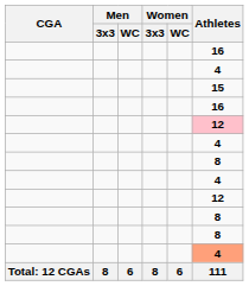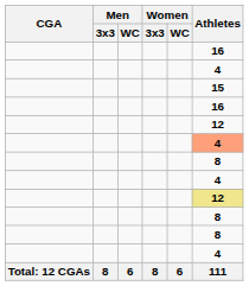 <table class="wikitable sortable" style="text-align:center; font-size:90%">
 <tr>
 <th rowspan="2" align="left">CGA</th>
 <th colspan="2">Men</th>
 <th colspan="2">Women</th>
 <th rowspan="2">Athletes</th>
 </tr>
 <tr>
 <th>3x3</th>
 <th>WC</th>
 <th>3x3</th>
 <th>WC</th>
 </tr>
 <tr>
 <td style="text-align:left;"></td>
 <td></td>
 <td></td>
 <td></td>
 <td></td>
 <td><strong>16</strong></td>
 </tr>
 <tr>
 <td style="text-align:left;"></td>
 <td></td>
 <td></td>
 <td></td>
 <td></td>
 <td><strong>4</strong></td>
 </tr>
 <tr>
 <td style="text-align:left;"></td>
 <td></td>
 <td></td>
 <td></td>
 <td></td>
 <td><strong>15</strong></td>
 </tr>
 <tr>
 <td style="text-align:left;"></td>
 <td></td>
 <td></td>
 <td></td>
 <td></td>
 <td><strong>16</strong></td>
 </tr>
 <tr>
 <td style="text-align:left;"></td>
 <td></td>
 <td></td>
 <td></td>
 <td></td>
-<td style="background: pink;"><strong>12</strong></td>
+<td><strong>12</strong></td>
 </tr>
 <tr>
 <td style="text-align:left;"></td>
 <td></td>
 <td></td>
 <td></td>
 <td></td>
-<td><strong>4</strong></td>
+<td style="background: lightsalmon;"><strong>4</strong></td>
 </tr>
 <tr>
 <td style="text-align:left;"></td>
 <td></td>
 <td></td>
 <td></td>
 <td></td>
 <td><strong>8</strong></td>
 </tr>
 <tr>
 <td style="text-align:left;"></td>
 <td></td>
 <td></td>
 <td></td>
 <td></td>
 <td><strong>4</strong></td>
 </tr>
 <tr>
 <td style="text-align:left;"></td>
 <td></td>
 <td></td>
 <td></td>
 <td></td>
-<td><strong>12</strong></td>
+<td style="background: khaki;"><strong>12</strong></td>
 </tr>
 <tr>
 <td style="text-align:left;"></td>
 <td></td>
 <td></td>
 <td></td>
 <td></td>
 <td><strong>8</strong></td>
 </tr>
 <tr>
 <td style="text-align:left;"></td>
 <td></td>
 <td></td>
 <td></td>
 <td></td>
 <td><strong>8</strong></td>
 </tr>
 <tr>
 <td style="text-align:left;"></td>
 <td></td>
 <td></td>
 <td></td>
 <td></td>
-<td style="background: lightsalmon;"><strong>4</strong></td>
+<td><strong>4</strong></td>
 </tr>
 <tr>
 <th>Total: 12 CGAs</th>
 <th>8</th>
 <th>6</th>
 <th>8</th>
 <th>6</th>
 <th>111</th>
 </tr>
 </table>
